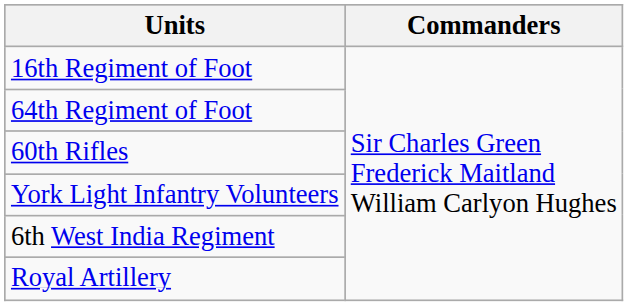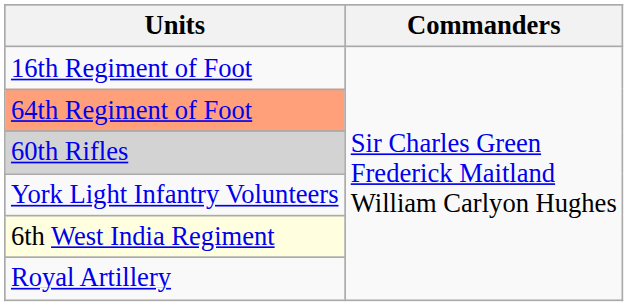 <table class="wikitable">
 <tr>
 <th style=>Units</th>
 <th style=>Commanders</th>
 </tr>
 <tr>
 <td><a href='#'>16th Regiment of Foot</a></td>
 <td rowspan=6><a href='#'>Sir Charles Green</a><br><a href='#'>Frederick Maitland</a><br>William Carlyon Hughes</td>
 </tr>
 <tr>
-<td><a href='#'>64th Regiment of Foot</a></td>
+<td style="background: lightsalmon;"><a href='#'>64th Regiment of Foot</a></td>
 </tr>
 <tr>
-<td><a href='#'>60th Rifles</a></td>
+<td style="background: lightgrey;"><a href='#'>60th Rifles</a></td>
 </tr>
 <tr>
 <td><a href='#'>York Light Infantry Volunteers</a></td>
 </tr>
 <tr>
-<td>6th <a href='#'>West India Regiment</a></td>
+<td style="background: lightyellow;">6th <a href='#'>West India Regiment</a></td>
 </tr>
 <tr>
 <td><a href='#'>Royal Artillery</a></td>
 </tr>
 </table>
